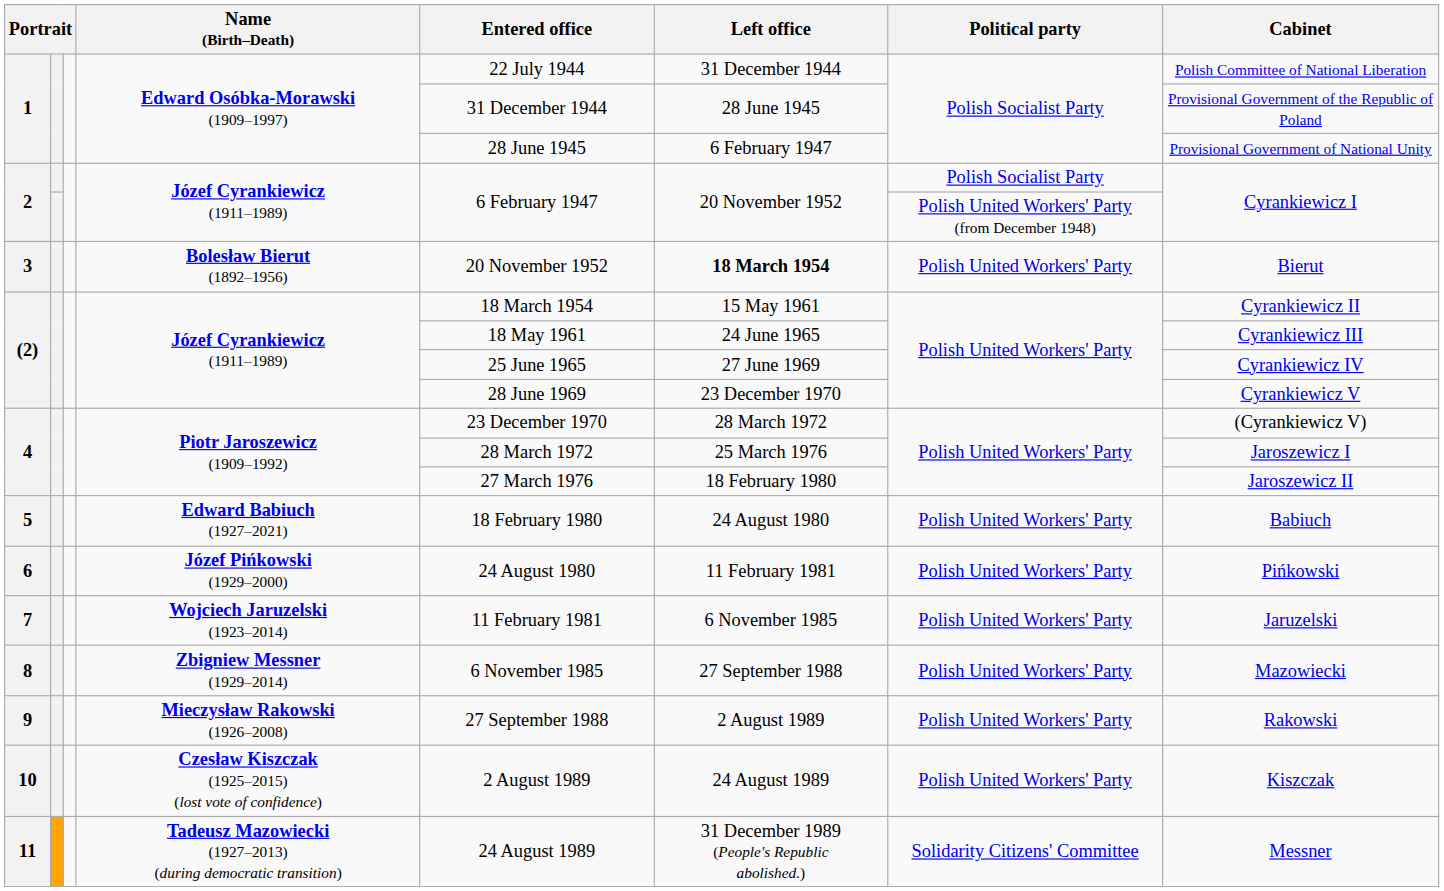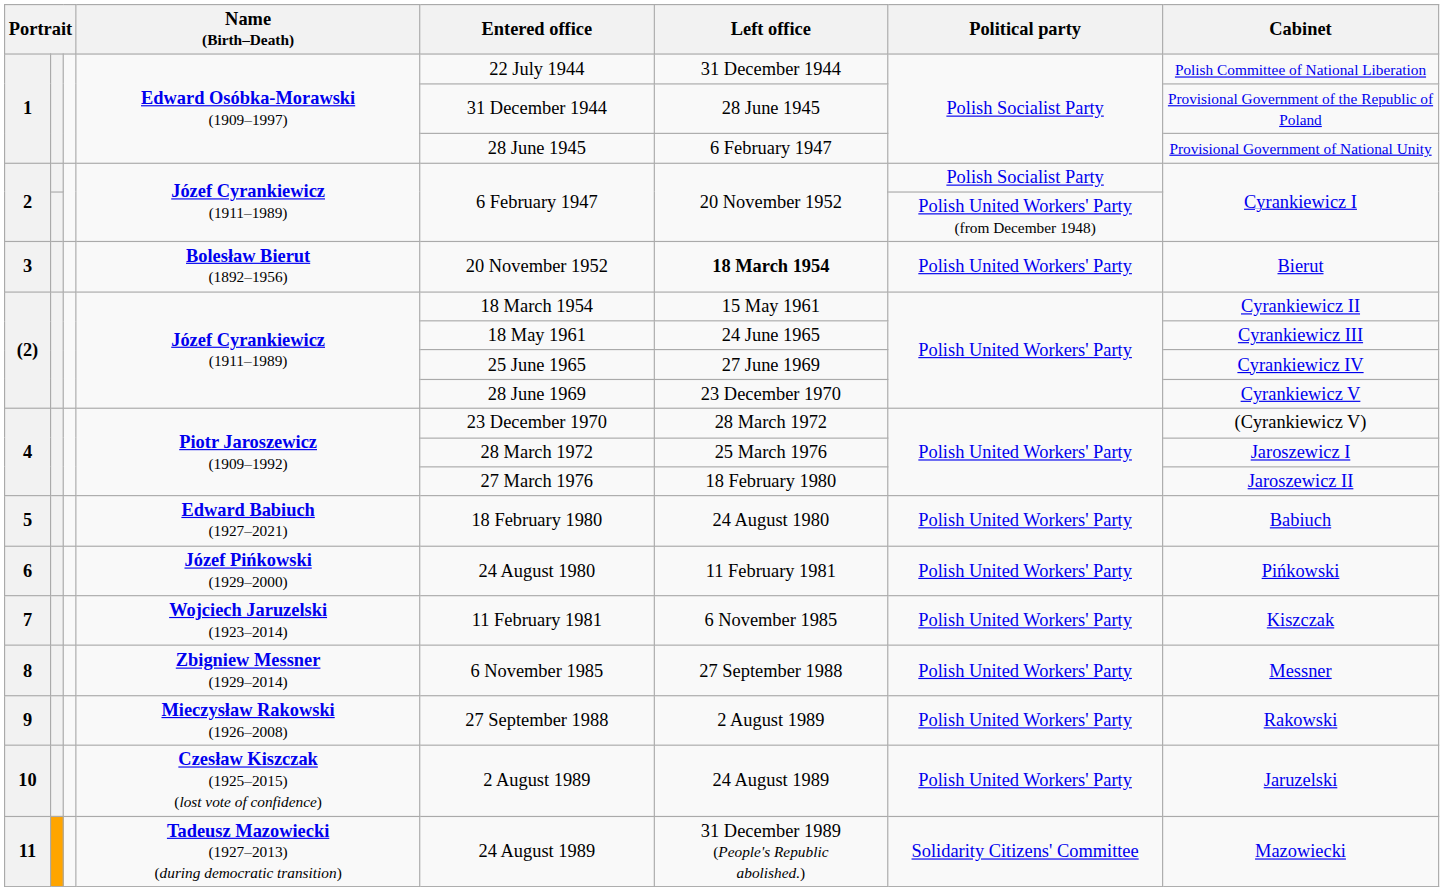 <table class="wikitable" style="text-align:center">
 <tr>
 <th colspan="3">Portrait</th>
 <th width=25%>Name<br><small>(Birth–Death)</small></th>
 <th width=17%>Entered office</th>
 <th width=17%>Left office</th>
 <th width=20%>Political party</th>
 <th width=20%>Cabinet</th>
 </tr>
 <tr>
 <th rowspan="3">1</th>
 <th rowspan=3 style="background:"></th>
 <td rowspan=3></td>
 <td rowspan=3><strong><a href='#'>Edward Osóbka-Morawski</a></strong><br><small>(1909–1997)</small></td>
 <td>22 July 1944</td>
 <td>31 December 1944</td>
 <td rowspan=3><a href='#'>Polish Socialist Party</a></td>
 <td><small><a href='#'>Polish Committee of National Liberation</a></small></td>
 </tr>
 <tr>
 <td>31 December 1944</td>
 <td>28 June 1945</td>
 <td><small><a href='#'>Provisional Government of the Republic of Poland</a></small></td>
 </tr>
 <tr>
 <td>28 June 1945</td>
 <td>6 February 1947</td>
 <td><small><a href='#'>Provisional Government of National Unity</a></small></td>
 </tr>
 <tr>
 <th rowspan="2">2</th>
 <th style="background:"></th>
 <td rowspan=2></td>
 <td rowspan=2><strong><a href='#'>Józef Cyrankiewicz</a></strong><br><small>(1911–1989)</small></td>
 <td rowspan=2>6 February 1947</td>
 <td rowspan=2>20 November 1952</td>
 <td><a href='#'>Polish Socialist Party</a></td>
 <td rowspan=2><a href='#'>Cyrankiewicz I</a></td>
 </tr>
 <tr>
 <th style="background:"></th>
 <td><a href='#'>Polish United Workers' Party</a><br><small>(from December 1948)</small></td>
 </tr>
 <tr>
 <th>3</th>
 <th style="background:"></th>
 <td></td>
 <td><strong><a href='#'>Bolesław Bierut</a></strong><br><small>(1892–1956)</small></td>
 <td>20 November 1952</td>
 <td><strong>18 March 1954</strong></td>
 <td><a href='#'>Polish United Workers' Party</a></td>
 <td><a href='#'>Bierut</a></td>
 </tr>
 <tr>
 <th rowspan="4">(2)</th>
 <th rowspan=4 style="background:"></th>
 <td rowspan=4></td>
 <td rowspan=4><strong><a href='#'>Józef Cyrankiewicz</a></strong><br><small>(1911–1989)</small></td>
 <td>18 March 1954</td>
 <td>15 May 1961</td>
 <td rowspan=4><a href='#'>Polish United Workers' Party</a></td>
 <td><a href='#'>Cyrankiewicz II</a></td>
 </tr>
 <tr>
 <td>18 May 1961</td>
 <td>24 June 1965</td>
 <td><a href='#'>Cyrankiewicz III</a></td>
 </tr>
 <tr>
 <td>25 June 1965</td>
 <td>27 June 1969</td>
 <td><a href='#'>Cyrankiewicz IV</a></td>
 </tr>
 <tr>
 <td>28 June 1969</td>
 <td>23 December 1970</td>
 <td><a href='#'>Cyrankiewicz V</a></td>
 </tr>
 <tr>
 <th rowspan="3">4</th>
 <th rowspan=3 style="background:"></th>
 <td rowspan=3></td>
 <td rowspan=3><strong><a href='#'>Piotr Jaroszewicz</a></strong><br><small>(1909–1992)</small></td>
 <td>23 December 1970</td>
 <td>28 March 1972</td>
 <td rowspan=3><a href='#'>Polish United Workers' Party</a></td>
 <td>(Cyrankiewicz V)</td>
 </tr>
 <tr>
 <td>28 March 1972</td>
 <td>25 March 1976</td>
 <td><a href='#'>Jaroszewicz I</a></td>
 </tr>
 <tr>
 <td>27 March 1976</td>
 <td>18 February 1980</td>
 <td><a href='#'>Jaroszewicz II</a></td>
 </tr>
 <tr>
 <th>5</th>
 <th style="background:"></th>
 <td></td>
 <td><strong><a href='#'>Edward Babiuch</a></strong><br><small>(1927–2021)</small></td>
 <td>18 February 1980</td>
 <td>24 August 1980</td>
 <td><a href='#'>Polish United Workers' Party</a></td>
 <td><a href='#'>Babiuch</a></td>
 </tr>
 <tr>
 <th>6</th>
 <th style="background:"></th>
 <td></td>
 <td><strong><a href='#'>Józef Pińkowski</a></strong><br><small>(1929–2000)</small></td>
 <td>24 August 1980</td>
 <td>11 February 1981</td>
 <td><a href='#'>Polish United Workers' Party</a></td>
 <td><a href='#'>Pińkowski</a></td>
 </tr>
 <tr>
 <th>7</th>
 <th style="background:"></th>
 <td></td>
 <td><strong><a href='#'>Wojciech Jaruzelski</a></strong><br><small>(1923–2014)</small></td>
 <td>11 February 1981</td>
 <td>6 November 1985</td>
 <td><a href='#'>Polish United Workers' Party</a></td>
-<td><a href='#'>Jaruzelski</a></td>
+<td><a href='#'>Kiszczak</a></td>
 </tr>
 <tr>
 <th>8</th>
 <th style="background:"></th>
 <td></td>
 <td><strong><a href='#'>Zbigniew Messner</a></strong><br><small>(1929–2014)</small></td>
 <td>6 November 1985</td>
 <td>27 September 1988</td>
 <td><a href='#'>Polish United Workers' Party</a></td>
-<td><a href='#'>Mazowiecki</a></td>
+<td><a href='#'>Messner</a></td>
 </tr>
 <tr>
 <th>9</th>
 <th style="background:"></th>
 <td></td>
 <td><strong><a href='#'>Mieczysław Rakowski</a></strong><br><small>(1926–2008)</small></td>
 <td>27 September 1988</td>
 <td>2 August 1989</td>
 <td><a href='#'>Polish United Workers' Party</a></td>
 <td><a href='#'>Rakowski</a></td>
 </tr>
 <tr>
 <th>10</th>
 <th style="background:"></th>
 <td></td>
 <td><strong><a href='#'>Czesław Kiszczak</a></strong><br><small>(1925–2015)<br>(<em>lost vote of confidence</em>)</small></td>
 <td>2 August 1989</td>
 <td>24 August 1989</td>
 <td><a href='#'>Polish United Workers' Party</a></td>
-<td><a href='#'>Kiszczak</a></td>
+<td><a href='#'>Jaruzelski</a></td>
 </tr>
 <tr>
 <th>11</th>
 <th style="background:orange"></th>
 <td></td>
 <td><strong><a href='#'>Tadeusz Mazowiecki</a></strong><br><small>(1927–2013)<br>(<em>during democratic transition</em>)</small></td>
 <td>24 August 1989</td>
 <td>31 December 1989<br><small>(<em>People's Republic<br>abolished.</em>)</small></td>
 <td><a href='#'>Solidarity Citizens' Committee</a></td>
-<td><a href='#'>Messner</a></td>
+<td><a href='#'>Mazowiecki</a></td>
 </tr>
 </table>
